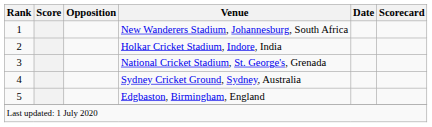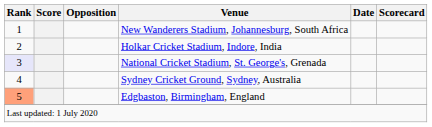 <table class="wikitable plainrowheaders sortable">
 <tr>
 <th scope=col>Rank</th>
 <th scope=col>Score</th>
 <th scope=col>Opposition</th>
 <th scope=col>Venue</th>
 <th scope=col>Date</th>
 <th scope=col>Scorecard</th>
 </tr>
 <tr>
 <td align=center>1</td>
 <th scope=row style=text-align:center;></th>
 <td></td>
 <td><a href='#'>New Wanderers Stadium</a>, <a href='#'>Johannesburg</a>, South Africa</td>
 <td></td>
 <td></td>
 </tr>
 <tr>
 <td align=center>2</td>
 <th scope=row style=text-align:center;></th>
 <td></td>
 <td><a href='#'>Holkar Cricket Stadium</a>, <a href='#'>Indore</a>, India</td>
 <td></td>
 <td></td>
 </tr>
 <tr>
-<td align=center>3</td>
+<td align=center style="background: lavender;">3</td>
 <th scope=row style=text-align:center;></th>
 <td></td>
 <td><a href='#'>National Cricket Stadium</a>, <a href='#'>St. George's</a>, Grenada</td>
 <td></td>
 <td></td>
 </tr>
 <tr>
 <td align=center>4</td>
 <th scope=row style=text-align:center;></th>
 <td></td>
 <td><a href='#'>Sydney Cricket Ground</a>, <a href='#'>Sydney</a>, Australia</td>
 <td> </td>
 <td></td>
 </tr>
 <tr>
-<td align=center>5</td>
+<td align=center style="background: lightsalmon;">5</td>
 <th scope=row style=text-align:center;></th>
 <td></td>
 <td><a href='#'>Edgbaston</a>, <a href='#'>Birmingham</a>, England</td>
 <td></td>
 <td></td>
 </tr>
 <tr>
 </tr>
 <tr class=sortbottom>
 <td colspan=6><small>Last updated: 1 July 2020</small></td>
 </tr>
 </table>
